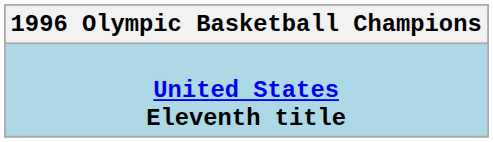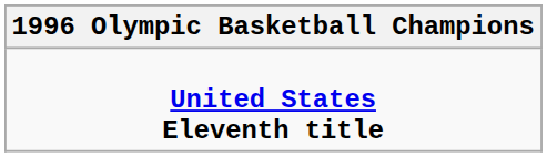 <table class=wikitable style="text-align:center;">
 <tr>
 <th>1996 Olympic Basketball Champions</th>
 </tr>
 <tr>
-<td style="background: lightblue;"> <br> <strong><a href='#'>United States</a></strong> <br> <strong>Eleventh title</strong></td>
+<td> <br> <strong><a href='#'>United States</a></strong> <br> <strong>Eleventh title</strong></td>
 </tr>
 </table>
